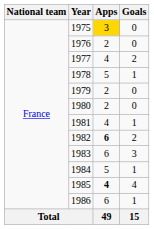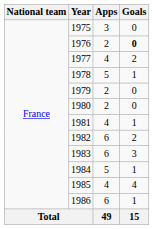 <table class="wikitable" style="text-align:center">
 <tr>
 <th>National team</th>
 <th>Year</th>
 <th>Apps</th>
 <th>Goals</th>
 </tr>
 <tr>
 <td rowspan="12"><a href='#'>France</a></td>
 <td>1975</td>
-<td style="background: gold;">3</td>
+<td>3</td>
 <td>0</td>
 </tr>
 <tr>
 <td>1976</td>
 <td>2</td>
-<td>0</td>
+<td><strong>0</strong></td>
 </tr>
 <tr>
 <td>1977</td>
 <td>4</td>
 <td>2</td>
 </tr>
 <tr>
 <td>1978</td>
 <td>5</td>
 <td>1</td>
 </tr>
 <tr>
 <td>1979</td>
 <td>2</td>
 <td>0</td>
 </tr>
 <tr>
 <td>1980</td>
 <td>2</td>
 <td>0</td>
 </tr>
 <tr>
 <td>1981</td>
 <td>4</td>
 <td>1</td>
 </tr>
 <tr>
 <td>1982</td>
-<td><strong>6</strong></td>
+<td>6</td>
 <td>2</td>
 </tr>
 <tr>
 <td>1983</td>
 <td>6</td>
 <td>3</td>
 </tr>
 <tr>
 <td>1984</td>
 <td>5</td>
 <td>1</td>
 </tr>
 <tr>
 <td>1985</td>
-<td><strong>4</strong></td>
+<td>4</td>
 <td>4</td>
 </tr>
 <tr>
 <td>1986</td>
 <td>6</td>
 <td>1</td>
 </tr>
 <tr>
 <th colspan="2">Total</th>
 <th>49</th>
 <th>15</th>
 </tr>
 </table>
